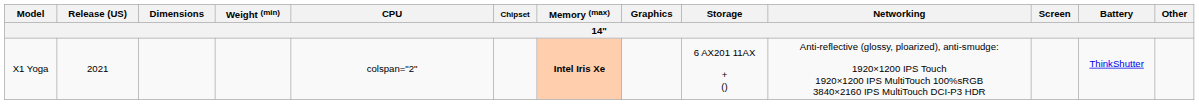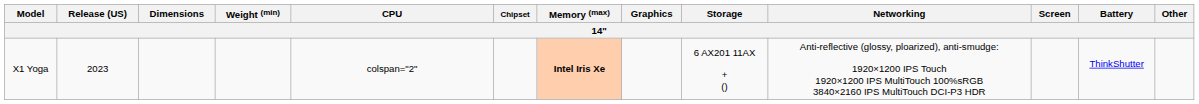 <table class="wikitable" style="font-size: 80%; text-align: center; min-width: 80%;">
 <tr>
 <th>Model</th>
 <th>Release (US)</th>
 <th>Dimensions</th>
 <th>Weight <sup>(min)</sup></th>
 <th style="width:17%">CPU</th>
 <th><small>Chipset</small></th>
 <th>Memory <sup>(max)</sup></th>
 <th>Graphics</th>
 <th>Storage</th>
 <th>Networking</th>
 <th>Screen</th>
 <th>Battery</th>
 <th>Other</th>
 </tr>
 <tr>
 <th colspan=13>14"</th>
 </tr>
 <tr>
 <td>X1 Yoga </td>
-<td>2021</td>
+<td>2023</td>
 <td></td>
 <td></td>
 <td>colspan="2" </td>
 <td></td>
 <td style="background:#ffcead;"><strong>Intel Iris Xe</strong></td>
 <td></td>
 <td> 6 AX201 11AX <br> <br>+  <br>()<br><small></small></td>
 <td style="background:">Anti-reflective (glossy, ploarized), anti-smudge: <br><br>1920×1200 IPS Touch<br> 1920×1200 IPS MultiTouch 100%sRGB<br> 3840×2160 IPS MultiTouch DCI-P3 HDR</td>
 <td></td>
 <td><a href='#'>ThinkShutter</a><br><br></td>
 </tr>
 </table>
